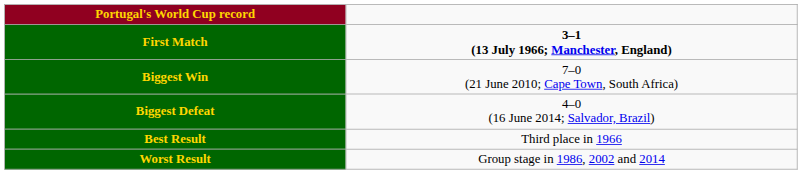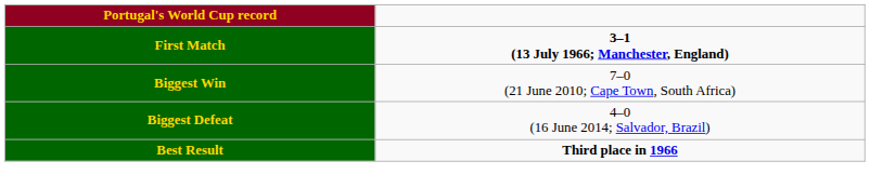 <table class="wikitable collapsible" style="width:50%;text-align:center">
 <tr>
 <th style="background:#900020; color:gold; ">Portugal's World Cup record</th>
 </tr>
 <tr>
 <th style="background:#006600; color:gold; ">First Match</th>
 <td><strong> 3–1 <br> (13 July 1966; <a href='#'>Manchester</a>, England)</strong></td>
 </tr>
 <tr>
 <th style="background:#006600; color:gold; ">Biggest Win</th>
 <td> 7–0 <br> (21 June 2010; <a href='#'>Cape Town</a>, South Africa)</td>
 </tr>
 <tr>
 <th style="background:#006600; color:gold; ">Biggest Defeat</th>
 <td> 4–0 <br> (16 June 2014; <a href='#'>Salvador, Brazil</a>)</td>
 </tr>
 <tr>
 <th style="background:#006600; color:gold; ">Best Result</th>
-<td>Third place in <a href='#'>1966</a></td>
-</tr>
-<tr>
-<th style="background:#006600; color:gold; ">Worst Result</th>
-<td>Group stage in <a href='#'>1986</a>, <a href='#'>2002</a> and <a href='#'>2014</a></td>
+<td><strong>Third place in <a href='#'>1966</a></strong></td>
 </tr>
 </table>
